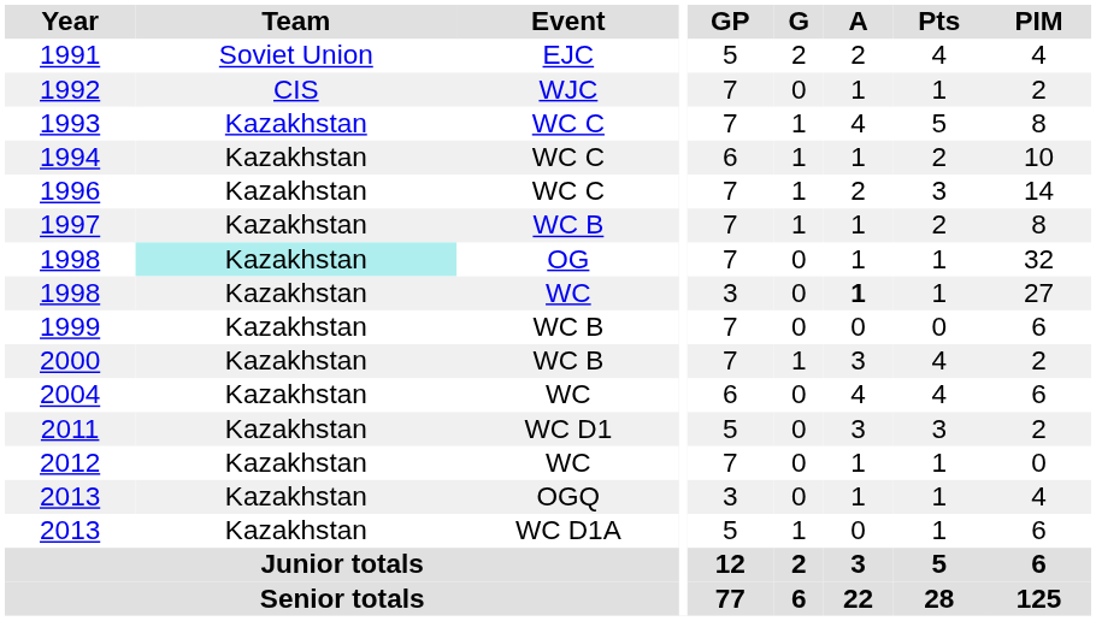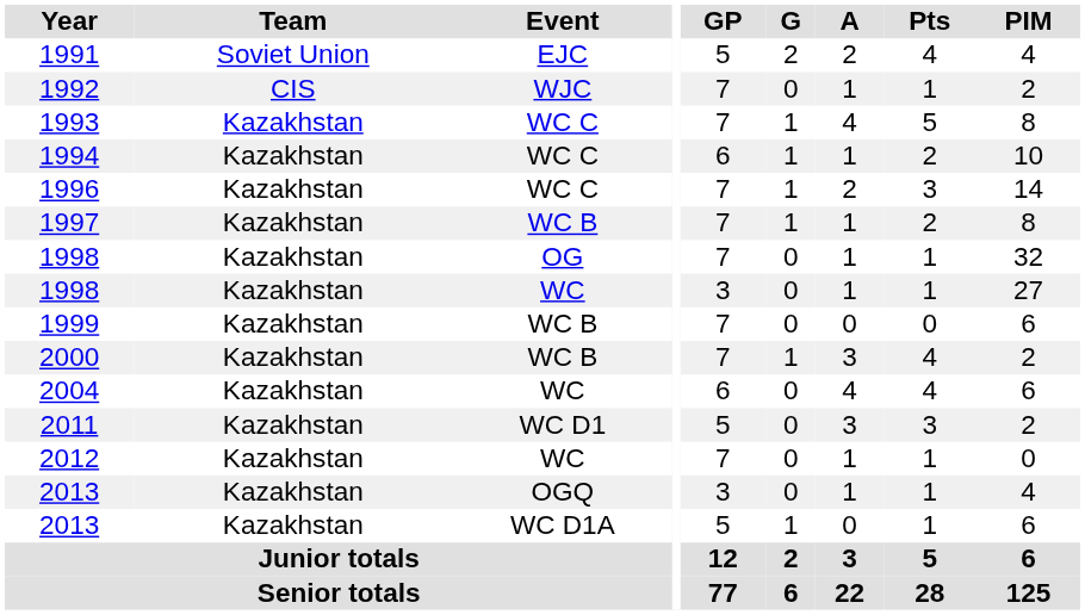 <table border="0" cellpadding="1" cellspacing="0" style="text-align:center; width:40em">
 <tr bgcolor="#e0e0e0">
 <th>Year</th>
 <th>Team</th>
 <th>Event</th>
 <th rowspan="99" bgcolor="#ffffff"></th>
 <th>GP</th>
 <th>G</th>
 <th>A</th>
 <th>Pts</th>
 <th>PIM</th>
 </tr>
 <tr>
 <td><a href='#'>1991</a></td>
 <td><a href='#'>Soviet Union</a></td>
 <td><a href='#'>EJC</a></td>
 <td>5</td>
 <td>2</td>
 <td>2</td>
 <td>4</td>
 <td>4</td>
 </tr>
 <tr bgcolor="#f0f0f0">
 <td><a href='#'>1992</a></td>
 <td><a href='#'>CIS</a></td>
 <td><a href='#'>WJC</a></td>
 <td>7</td>
 <td>0</td>
 <td>1</td>
 <td>1</td>
 <td>2</td>
 </tr>
 <tr>
 <td><a href='#'>1993</a></td>
 <td><a href='#'>Kazakhstan</a></td>
 <td><a href='#'>WC C</a></td>
 <td>7</td>
 <td>1</td>
 <td>4</td>
 <td>5</td>
 <td>8</td>
 </tr>
 <tr bgcolor="#f0f0f0">
 <td><a href='#'>1994</a></td>
 <td>Kazakhstan</td>
 <td>WC C</td>
 <td>6</td>
 <td>1</td>
 <td>1</td>
 <td>2</td>
 <td>10</td>
 </tr>
 <tr>
 <td><a href='#'>1996</a></td>
 <td>Kazakhstan</td>
 <td>WC C</td>
 <td>7</td>
 <td>1</td>
 <td>2</td>
 <td>3</td>
 <td>14</td>
 </tr>
 <tr bgcolor="#f0f0f0">
 <td><a href='#'>1997</a></td>
 <td>Kazakhstan</td>
 <td><a href='#'>WC B</a></td>
 <td>7</td>
 <td>1</td>
 <td>1</td>
 <td>2</td>
 <td>8</td>
 </tr>
 <tr>
 <td><a href='#'>1998</a></td>
-<td style="background: paleturquoise;">Kazakhstan</td>
+<td>Kazakhstan</td>
 <td><a href='#'>OG</a></td>
 <td>7</td>
 <td>0</td>
 <td>1</td>
 <td>1</td>
 <td>32</td>
 </tr>
 <tr bgcolor="#f0f0f0">
 <td><a href='#'>1998</a></td>
 <td>Kazakhstan</td>
 <td><a href='#'>WC</a></td>
 <td>3</td>
 <td>0</td>
-<td><strong>1</strong></td>
+<td>1</td>
 <td>1</td>
 <td>27</td>
 </tr>
 <tr>
 <td><a href='#'>1999</a></td>
 <td>Kazakhstan</td>
 <td>WC B</td>
 <td>7</td>
 <td>0</td>
 <td>0</td>
 <td>0</td>
 <td>6</td>
 </tr>
 <tr bgcolor="#f0f0f0">
 <td><a href='#'>2000</a></td>
 <td>Kazakhstan</td>
 <td>WC B</td>
 <td>7</td>
 <td>1</td>
 <td>3</td>
 <td>4</td>
 <td>2</td>
 </tr>
 <tr>
 <td><a href='#'>2004</a></td>
 <td>Kazakhstan</td>
 <td>WC</td>
 <td>6</td>
 <td>0</td>
 <td>4</td>
 <td>4</td>
 <td>6</td>
 </tr>
 <tr bgcolor="#f0f0f0">
 <td><a href='#'>2011</a></td>
 <td>Kazakhstan</td>
 <td>WC D1</td>
 <td>5</td>
 <td>0</td>
 <td>3</td>
 <td>3</td>
 <td>2</td>
 </tr>
 <tr>
 <td><a href='#'>2012</a></td>
 <td>Kazakhstan</td>
 <td>WC</td>
 <td>7</td>
 <td>0</td>
 <td>1</td>
 <td>1</td>
 <td>0</td>
 </tr>
 <tr bgcolor="#f0f0f0">
 <td><a href='#'>2013</a></td>
 <td>Kazakhstan</td>
 <td>OGQ</td>
 <td>3</td>
 <td>0</td>
 <td>1</td>
 <td>1</td>
 <td>4</td>
 </tr>
 <tr>
 <td><a href='#'>2013</a></td>
 <td>Kazakhstan</td>
 <td>WC D1A</td>
 <td>5</td>
 <td>1</td>
 <td>0</td>
 <td>1</td>
 <td>6</td>
 </tr>
 <tr bgcolor="#e0e0e0">
 <th colspan="3">Junior totals</th>
 <th>12</th>
 <th>2</th>
 <th>3</th>
 <th>5</th>
 <th>6</th>
 </tr>
 <tr bgcolor="#e0e0e0">
 <th colspan="3">Senior totals</th>
 <th>77</th>
 <th>6</th>
 <th>22</th>
 <th>28</th>
 <th>125</th>
 </tr>
 </table>
